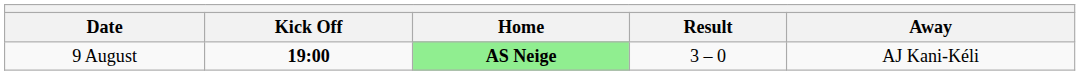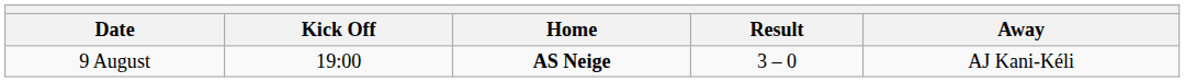 <table class="wikitable collapsible collapsed" style="font-size: 100%; margin:0px;" width="75%">
 <tr>
 <th colspan="7" style="text-align:left;"></th>
 </tr>
 <tr>
 <th><strong>Date</strong></th>
 <th><strong>Kick Off</strong></th>
 <th><strong>Home</strong></th>
 <th><strong>Result</strong></th>
 <th><strong>Away</strong></th>
 </tr>
 <tr>
 <td align=center>9 August</td>
-<td align=center><strong>19:00</strong></td>
-<td align=center style="background: lightgreen;"><strong>AS Neige</strong></td>
+<td align=center>19:00</td>
+<td align=center><strong>AS Neige</strong></td>
 <td align=center>3 – 0</td>
 <td align=center>AJ Kani-Kéli</td>
 </tr>
 </table>
